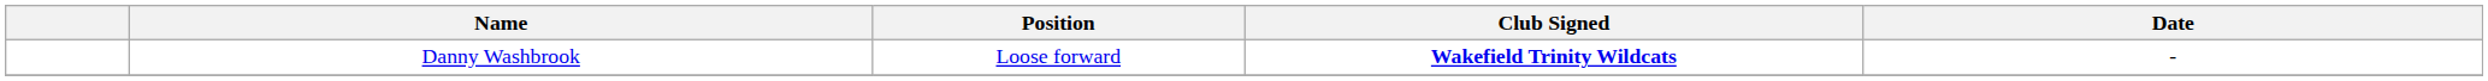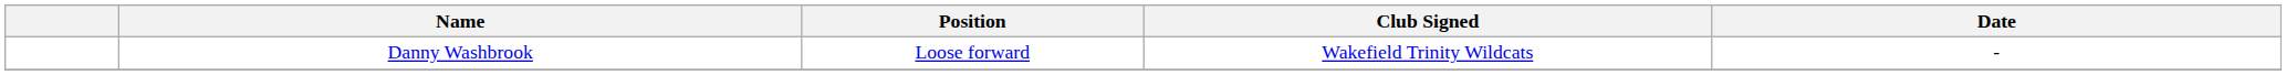 <table class="wikitable sortable" width="100%" style="font-size:85%">
 <tr bgcolor="#efefef">
 <th width=5%></th>
 <th width=30%>Name</th>
 <th !width=30%>Position</th>
 <th width=25%>Club Signed</th>
 <th width=25%>Date</th>
 </tr>
 <tr bgcolor=#FFFFFF>
 <td align=center></td>
 <td align=center><a href='#'>Danny Washbrook</a></td>
 <td align=center><a href='#'>Loose forward</a></td>
-<td align=center><strong> <a href='#'>Wakefield Trinity Wildcats</a></strong></td>
+<td align=center> <a href='#'>Wakefield Trinity Wildcats</a></td>
 <td align=center>-</td>
 </tr>
 <tr>
 </tr>
 </table>
